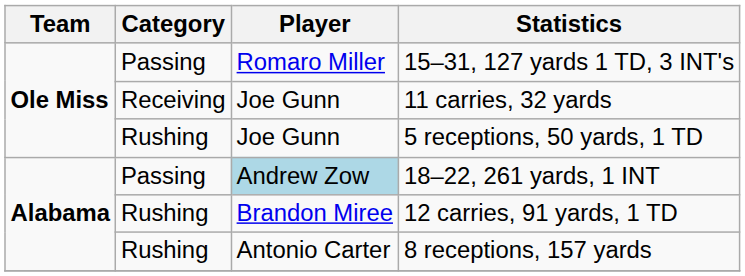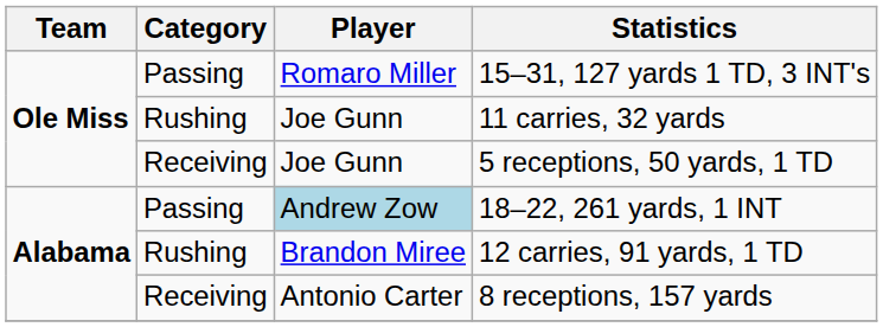 <table class="wikitable" style="float: right;">
 <tr>
 <th>Team</th>
 <th>Category</th>
 <th>Player</th>
 <th>Statistics</th>
 </tr>
 <tr>
 <td rowspan=3><strong>Ole Miss</strong></td>
 <td>Passing</td>
 <td><a href='#'>Romaro Miller</a></td>
 <td>15–31, 127 yards 1 TD, 3 INT's</td>
 </tr>
 <tr>
-<td>Receiving</td>
+<td>Rushing</td>
 <td>Joe Gunn</td>
 <td>11 carries, 32 yards</td>
 </tr>
 <tr>
-<td>Rushing</td>
+<td>Receiving</td>
 <td>Joe Gunn</td>
 <td>5 receptions, 50 yards, 1 TD</td>
 </tr>
 <tr>
 <td rowspan=3><strong>Alabama</strong></td>
 <td>Passing</td>
 <td style="background: lightblue;">Andrew Zow</td>
 <td>18–22, 261 yards, 1 INT</td>
 </tr>
 <tr>
 <td>Rushing</td>
 <td><a href='#'>Brandon Miree</a></td>
 <td>12 carries, 91 yards, 1 TD</td>
 </tr>
 <tr>
-<td>Rushing</td>
+<td>Receiving</td>
 <td>Antonio Carter</td>
 <td>8 receptions, 157 yards</td>
 </tr>
 <tr>
 </tr>
 </table>
